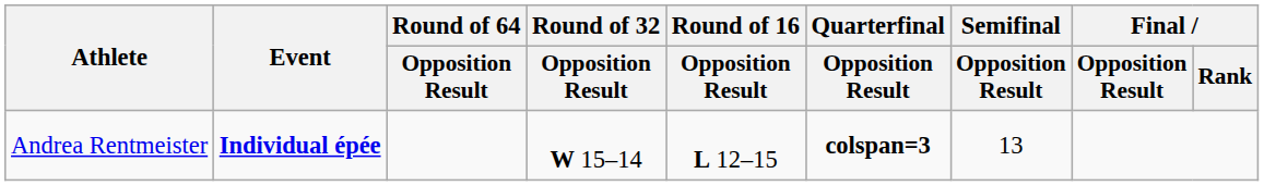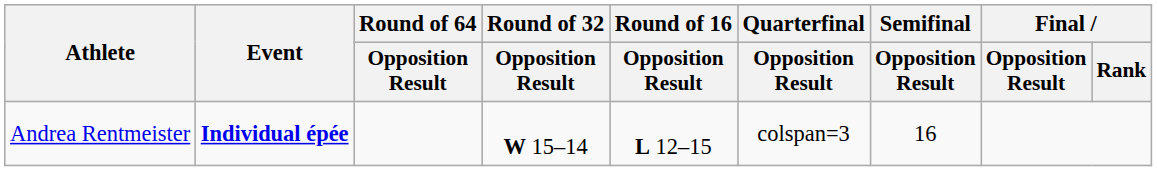 <table class=wikitable style=font-size:90%;text-align:center>
 <tr>
 <th rowspan=2>Athlete</th>
 <th rowspan=2>Event</th>
 <th>Round of 64</th>
 <th>Round of 32</th>
 <th>Round of 16</th>
 <th>Quarterfinal</th>
 <th>Semifinal</th>
 <th colspan=2>Final / </th>
 </tr>
 <tr style=font-size:95%>
 <th>Opposition<br>Result</th>
 <th>Opposition<br>Result</th>
 <th>Opposition<br>Result</th>
 <th>Opposition<br>Result</th>
 <th>Opposition<br>Result</th>
 <th>Opposition<br>Result</th>
 <th>Rank</th>
 </tr>
 <tr>
 <td align=left><a href='#'>Andrea Rentmeister</a></td>
 <td align=left><strong><a href='#'>Individual épée</a></strong></td>
 <td></td>
 <td><br><strong>W</strong> 15–14</td>
 <td><br><strong>L</strong> 12–15</td>
-<td><strong>colspan=3 </strong></td>
-<td>13</td>
+<td>colspan=3 </td>
+<td>16</td>
 </tr>
 </table>
